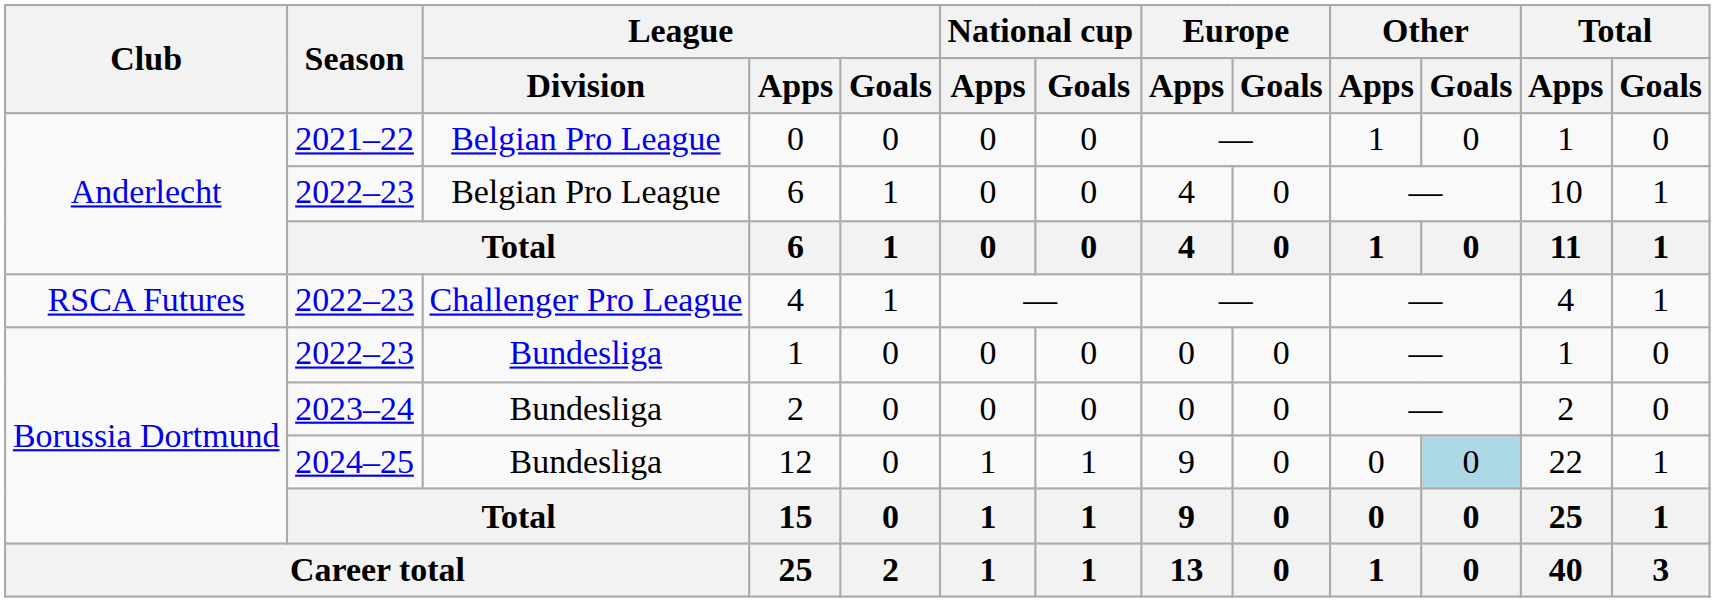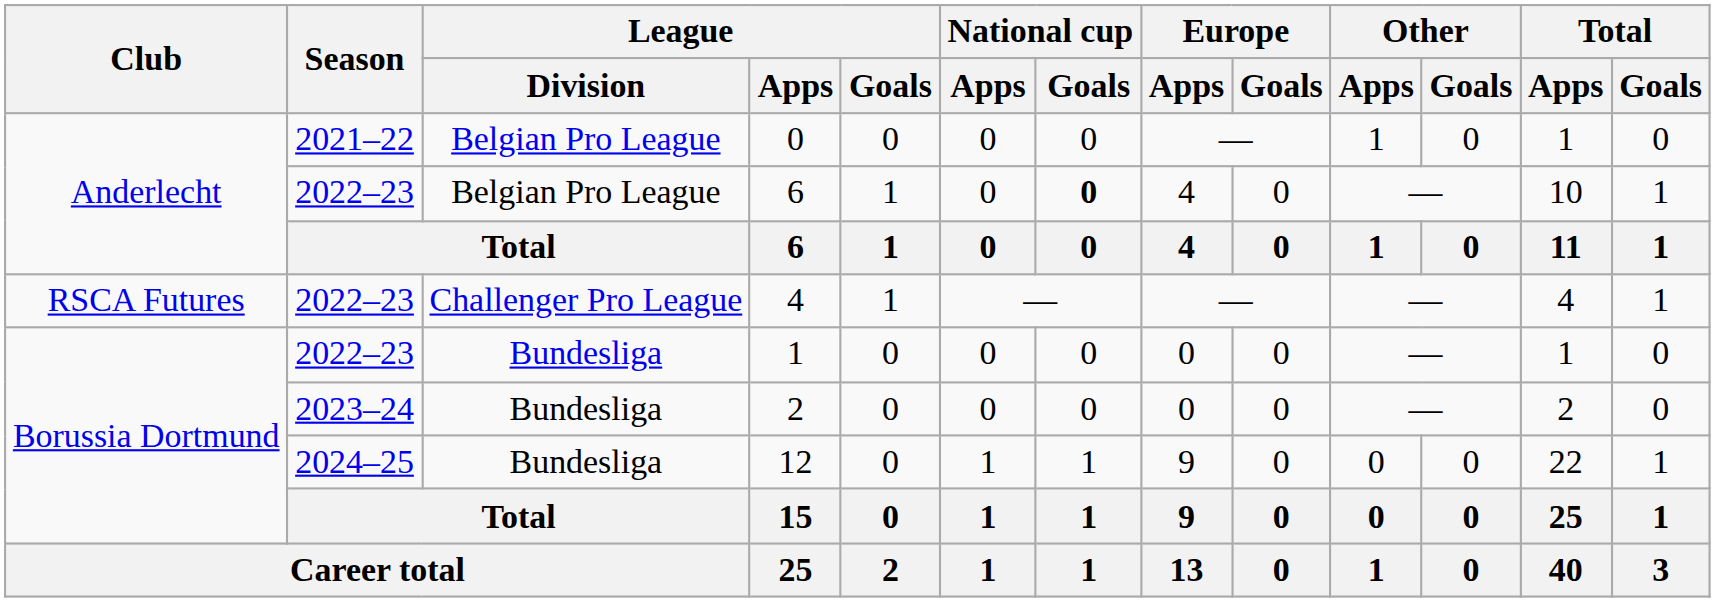 <table class="wikitable" Style="text-align: center;">
 <tr>
 <th rowspan="2">Club</th>
 <th rowspan="2">Season</th>
 <th colspan="3">League</th>
 <th colspan="2">National cup</th>
 <th colspan="2">Europe</th>
 <th colspan="2">Other</th>
 <th colspan="2">Total</th>
 </tr>
 <tr>
 <th>Division</th>
 <th>Apps</th>
 <th>Goals</th>
 <th>Apps</th>
 <th>Goals</th>
 <th>Apps</th>
 <th>Goals</th>
 <th>Apps</th>
 <th>Goals</th>
 <th>Apps</th>
 <th>Goals</th>
 </tr>
 <tr>
 <td rowspan="3"><a href='#'>Anderlecht</a></td>
 <td><a href='#'>2021–22</a></td>
 <td><a href='#'>Belgian Pro League</a></td>
 <td>0</td>
 <td>0</td>
 <td>0</td>
 <td>0</td>
 <td colspan="2">—</td>
 <td>1</td>
 <td>0</td>
 <td>1</td>
 <td>0</td>
 </tr>
 <tr>
 <td><a href='#'>2022–23</a></td>
 <td>Belgian Pro League</td>
 <td>6</td>
 <td>1</td>
 <td>0</td>
-<td>0</td>
+<td><strong>0</strong></td>
 <td>4</td>
 <td>0</td>
 <td colspan="2">—</td>
 <td>10</td>
 <td>1</td>
 </tr>
 <tr>
 <th colspan="2">Total</th>
 <th>6</th>
 <th>1</th>
 <th>0</th>
 <th>0</th>
 <th>4</th>
 <th>0</th>
 <th>1</th>
 <th>0</th>
 <th>11</th>
 <th>1</th>
 </tr>
 <tr>
 <td><a href='#'>RSCA Futures</a></td>
 <td><a href='#'>2022–23</a></td>
 <td><a href='#'>Challenger Pro League</a></td>
 <td>4</td>
 <td>1</td>
 <td colspan="2">—</td>
 <td colspan="2">—</td>
 <td colspan="2">—</td>
 <td>4</td>
 <td>1</td>
 </tr>
 <tr>
 <td rowspan="4"><a href='#'>Borussia Dortmund</a></td>
 <td><a href='#'>2022–23</a></td>
 <td><a href='#'>Bundesliga</a></td>
 <td>1</td>
 <td>0</td>
 <td>0</td>
 <td>0</td>
 <td>0</td>
 <td>0</td>
 <td colspan="2">—</td>
 <td>1</td>
 <td>0</td>
 </tr>
 <tr>
 <td><a href='#'>2023–24</a></td>
 <td>Bundesliga</td>
 <td>2</td>
 <td>0</td>
 <td>0</td>
 <td>0</td>
 <td>0</td>
 <td>0</td>
 <td colspan="2">—</td>
 <td>2</td>
 <td>0</td>
 </tr>
 <tr>
 <td><a href='#'>2024–25</a></td>
 <td>Bundesliga</td>
 <td>12</td>
 <td>0</td>
 <td>1</td>
 <td>1</td>
 <td>9</td>
 <td>0</td>
 <td>0</td>
-<td style="background: lightblue;">0</td>
+<td>0</td>
 <td>22</td>
 <td>1</td>
 </tr>
 <tr>
 <th colspan="2">Total</th>
 <th>15</th>
 <th>0</th>
 <th>1</th>
 <th>1</th>
 <th>9</th>
 <th>0</th>
 <th>0</th>
 <th>0</th>
 <th>25</th>
 <th>1</th>
 </tr>
 <tr>
 <th colspan="3">Career total</th>
 <th>25</th>
 <th>2</th>
 <th>1</th>
 <th>1</th>
 <th>13</th>
 <th>0</th>
 <th>1</th>
 <th>0</th>
 <th>40</th>
 <th>3</th>
 </tr>
 </table>
